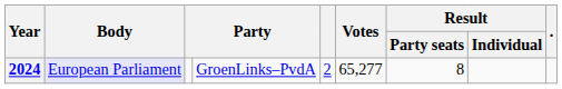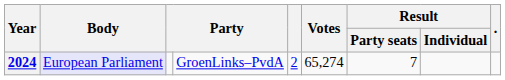 <table class="wikitable plainrowheaders sortable" border=2 cellpadding=4 cellspacing=0 style="border: 1px #aaa solid; font-size: 90%; text-align:center;">
 <tr>
 <th scope="col" rowspan=2>Year</th>
 <th scope="col" rowspan=2>Body</th>
 <th scope="col" colspan=2 rowspan=2>Party</th>
 <th scope="col" rowspan=2></th>
 <th scope="col" rowspan=2>Votes</th>
 <th scope="colgroup" colspan=2>Result</th>
 <th scope="col" rowspan=2>.</th>
 </tr>
 <tr>
 <th scope="col">Party seats</th>
 <th scope="col">Individual</th>
 </tr>
 <tr>
 <th scope="row"><a href='#'>2024</a></th>
 <td style="background: lavender;"><a href='#'>European Parliament</a></td>
 <td style="background-color:"></td>
 <td><a href='#'>GroenLinks–PvdA</a></td>
 <td style=text-align:right><a href='#'>2</a></td>
-<td style=text-align:right>65,277</td>
-<td style=text-align:right>8</td>
+<td style=text-align:right>65,274</td>
+<td style=text-align:right>7</td>
 <td></td>
 <td></td>
 </tr>
 </table>
